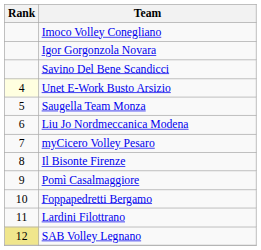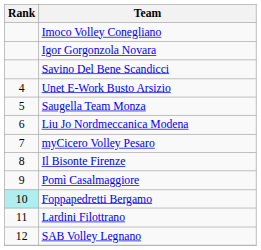 <table class="wikitable" style="text-align: center;">
 <tr>
 <th width=40>Rank</th>
 <th width=290>Team</th>
 </tr>
 <tr>
 <td></td>
 <td align=left><a href='#'>Imoco Volley Conegliano</a></td>
 </tr>
 <tr>
 <td></td>
 <td align=left><a href='#'>Igor Gorgonzola Novara</a></td>
 </tr>
 <tr>
 <td></td>
 <td align=left><a href='#'>Savino Del Bene Scandicci</a></td>
 </tr>
 <tr>
-<td style="background: lightyellow;">4</td>
+<td>4</td>
 <td align=left><a href='#'>Unet E-Work Busto Arsizio</a></td>
 </tr>
 <tr>
 <td>5</td>
 <td align=left><a href='#'>Saugella Team Monza</a></td>
 </tr>
 <tr>
 <td>6</td>
 <td align=left><a href='#'>Liu Jo Nordmeccanica Modena</a></td>
 </tr>
 <tr>
 <td>7</td>
 <td align=left><a href='#'>myCicero Volley Pesaro</a></td>
 </tr>
 <tr>
 <td>8</td>
 <td align=left><a href='#'>Il Bisonte Firenze</a></td>
 </tr>
 <tr>
 <td>9</td>
 <td align=left><a href='#'>Pomì Casalmaggiore</a></td>
 </tr>
 <tr>
-<td>10</td>
+<td style="background: paleturquoise;">10</td>
 <td align=left><a href='#'>Foppapedretti Bergamo</a></td>
 </tr>
 <tr>
 <td>11</td>
 <td align=left><a href='#'>Lardini Filottrano</a></td>
 </tr>
 <tr>
-<td style="background: khaki;">12</td>
+<td>12</td>
 <td align=left><a href='#'>SAB Volley Legnano</a></td>
 </tr>
 <tr>
 </tr>
 </table>
